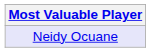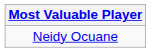 <table class=wikitable style="text-align:center; margin:auto">
 <tr>
 <th><a href='#'>Most Valuable Player</a></th>
 </tr>
 <tr>
-<td style="background: lavender;"> <a href='#'>Neidy Ocuane</a></td>
+<td> <a href='#'>Neidy Ocuane</a></td>
 </tr>
 </table>
